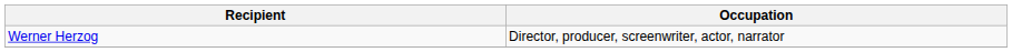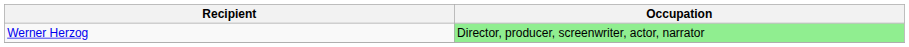 <table class="wikitable" width="95%" cellpadding="5">
 <tr>
 <th width="25%">Recipient</th>
 <th width="25%">Occupation</th>
 </tr>
 <tr>
 <td>  <a href='#'>Werner Herzog</a></td>
-<td>Director, producer, screenwriter, actor, narrator</td>
+<td style="background: lightgreen;">Director, producer, screenwriter, actor, narrator</td>
 </tr>
 <tr>
 </tr>
 </table>
